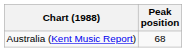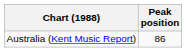 <table class="wikitable">
 <tr>
 <th scope="col">Chart (1988)</th>
 <th>Peak<br>position</th>
 </tr>
 <tr>
 <td>Australia (<a href='#'>Kent Music Report</a>)</td>
-<td style="text-align:center;">68</td>
+<td style="text-align:center;">86</td>
 </tr>
 </table>
